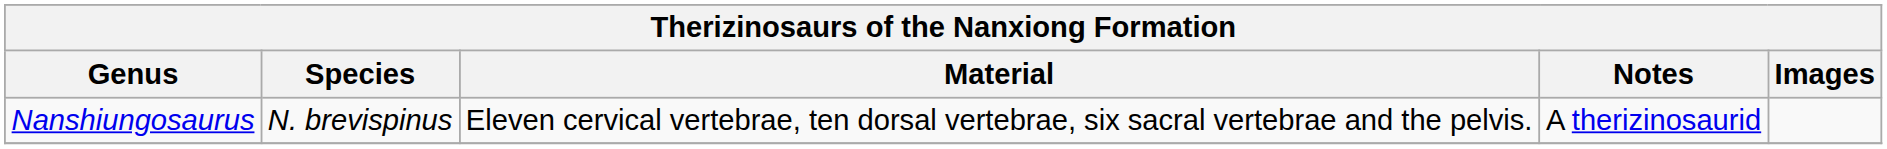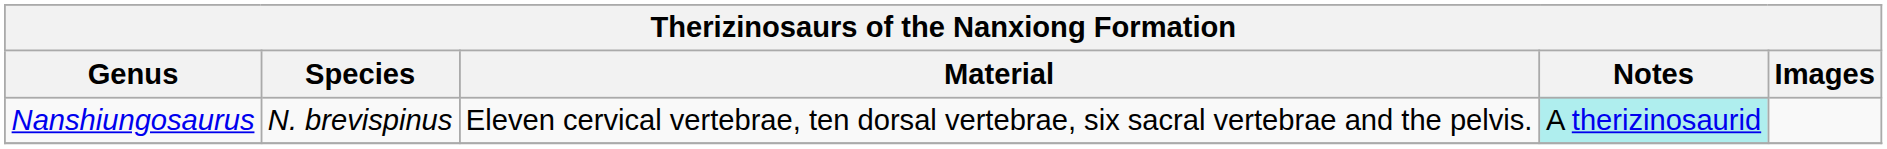 <table class="wikitable" align="center">
 <tr>
 <th colspan="7" style="text-align:center;"><strong>Therizinosaurs</strong> of the Nanxiong Formation</th>
 </tr>
 <tr>
 <th>Genus</th>
 <th>Species</th>
 <th>Material</th>
 <th>Notes</th>
 <th>Images</th>
 </tr>
 <tr>
 <td><em><a href='#'>Nanshiungosaurus</a></em></td>
 <td><em>N. brevispinus</em></td>
 <td>Eleven cervical vertebrae, ten dorsal vertebrae, six sacral vertebrae and the pelvis.</td>
-<td>A <a href='#'>therizinosaurid</a></td>
+<td style="background: paleturquoise;">A <a href='#'>therizinosaurid</a></td>
 <td></td>
 </tr>
 <tr>
 </tr>
 </table>
